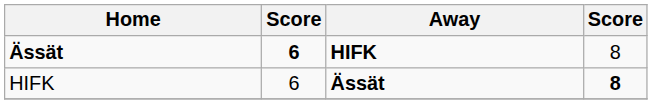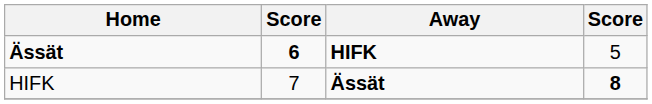 <table class="wikitable">
 <tr>
 <th width="200">Home</th>
 <th width="40">Score</th>
 <th width="200">Away</th>
 <th width="40">Score</th>
 </tr>
 <tr>
 <td><strong>Ässät</strong></td>
 <td align=center><strong>6</strong></td>
 <td><strong>HIFK</strong></td>
-<td align=center>8</td>
+<td align=center>5</td>
 </tr>
 <tr>
 <td>HIFK</td>
-<td align=center>6</td>
+<td align=center>7</td>
 <td><strong>Ässät</strong></td>
 <td align=center><strong>8</strong></td>
 </tr>
 <tr>
 </tr>
 </table>
